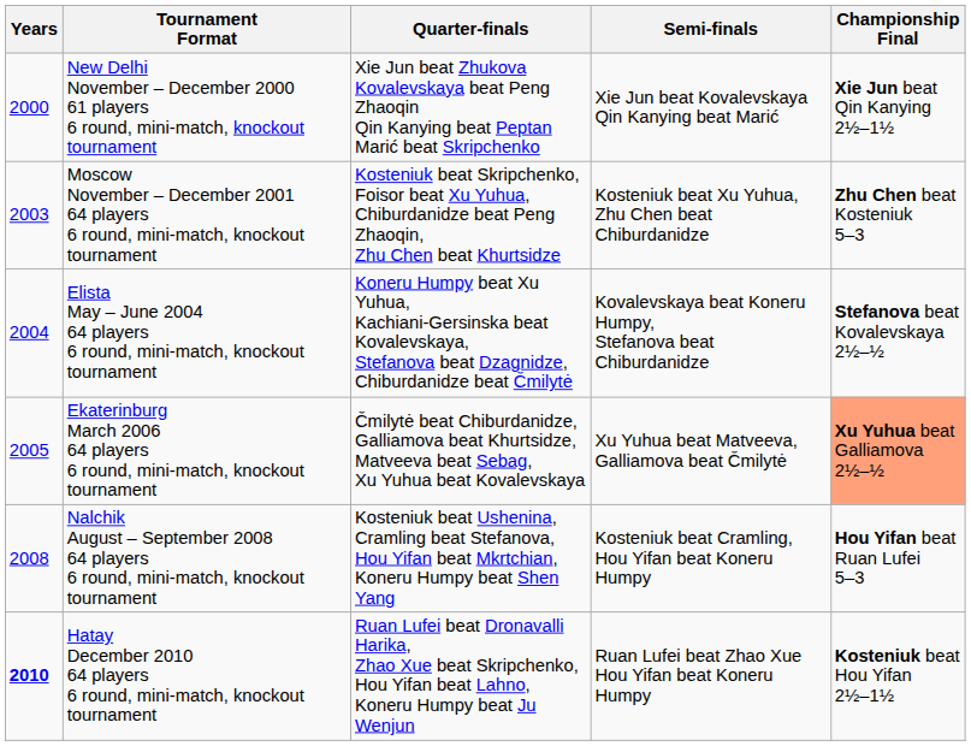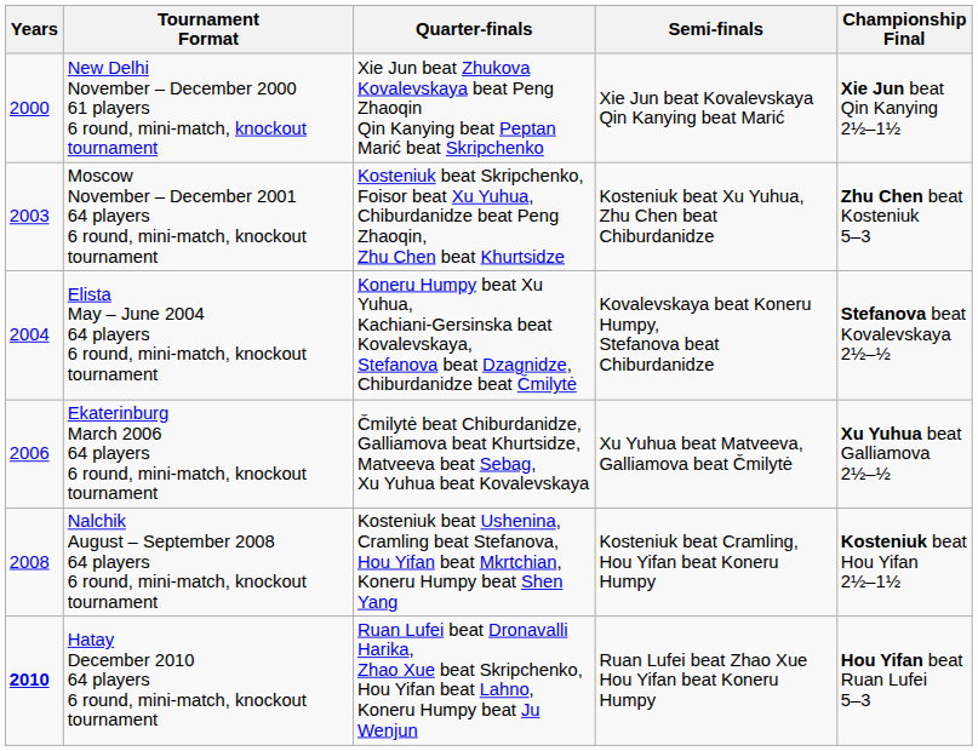 <table class="wikitable">
 <tr>
 <th width=6%>Years</th>
 <th width=30%>Tournament<br>Format</th>
 <th width=25%>Quarter-finals</th>
 <th width=25%>Semi-finals</th>
 <th width=18%>Championship<br>Final</th>
 </tr>
 <tr>
 <td><a href='#'>2000</a></td>
 <td><a href='#'>New Delhi</a><br>November – December 2000<br>61 players<br>6 round, mini-match, <a href='#'>knockout tournament</a></td>
 <td>Xie Jun beat <a href='#'>Zhukova</a><br><a href='#'>Kovalevskaya</a> beat Peng Zhaoqin<br>Qin Kanying beat <a href='#'>Peptan</a><br>Marić beat <a href='#'>Skripchenko</a></td>
 <td>Xie Jun beat Kovalevskaya<br>Qin Kanying beat Marić</td>
 <td><strong>Xie Jun</strong> beat Qin Kanying<br>2½–1½</td>
 </tr>
 <tr>
 <td><a href='#'>2003</a></td>
 <td>Moscow<br>November – December 2001<br>64 players<br>6 round, mini-match, knockout tournament</td>
 <td><a href='#'>Kosteniuk</a> beat Skripchenko,<br>Foisor beat <a href='#'>Xu Yuhua</a>,<br>Chiburdanidze beat Peng Zhaoqin,<br><a href='#'>Zhu Chen</a> beat <a href='#'>Khurtsidze</a></td>
 <td>Kosteniuk beat Xu Yuhua,<br>Zhu Chen beat Chiburdanidze</td>
 <td><strong>Zhu Chen</strong> beat Kosteniuk<br>5–3</td>
 </tr>
 <tr>
 <td><a href='#'>2004</a></td>
 <td><a href='#'>Elista</a><br>May – June 2004<br>64 players<br>6 round, mini-match, knockout tournament</td>
 <td><a href='#'>Koneru Humpy</a> beat Xu Yuhua,<br>Kachiani-Gersinska beat Kovalevskaya,<br><a href='#'>Stefanova</a> beat <a href='#'>Dzagnidze</a>,<br>Chiburdanidze beat <a href='#'>Čmilytė</a></td>
 <td>Kovalevskaya beat Koneru Humpy,<br>Stefanova beat Chiburdanidze</td>
 <td><strong>Stefanova</strong> beat Kovalevskaya<br>2½–½</td>
 </tr>
 <tr>
-<td><a href='#'>2005</a></td>
+<td><a href='#'>2006</a></td>
 <td><a href='#'>Ekaterinburg</a><br>March 2006<br>64 players<br>6 round, mini-match, knockout tournament</td>
 <td>Čmilytė beat Chiburdanidze,<br>Galliamova beat Khurtsidze,<br>Matveeva beat <a href='#'>Sebag</a>,<br>Xu Yuhua beat Kovalevskaya</td>
 <td>Xu Yuhua beat Matveeva,<br>Galliamova beat Čmilytė</td>
-<td style="background: lightsalmon;"><strong>Xu Yuhua</strong> beat Galliamova<br>2½–½</td>
+<td><strong>Xu Yuhua</strong> beat Galliamova<br>2½–½</td>
 </tr>
 <tr>
 <td><a href='#'>2008</a></td>
 <td><a href='#'>Nalchik</a><br>August – September 2008<br>64 players<br>6 round, mini-match, knockout tournament</td>
 <td>Kosteniuk beat <a href='#'>Ushenina</a>,<br>Cramling beat Stefanova,<br><a href='#'>Hou Yifan</a> beat <a href='#'>Mkrtchian</a>,<br>Koneru Humpy beat <a href='#'>Shen Yang</a></td>
 <td>Kosteniuk beat Cramling,<br>Hou Yifan beat Koneru Humpy</td>
-<td><strong>Hou Yifan</strong> beat Ruan Lufei<br>5–3</td>
+<td><strong>Kosteniuk</strong> beat Hou Yifan<br>2½–1½</td>
 </tr>
 <tr>
 <td><strong><a href='#'>2010</a></strong></td>
 <td><a href='#'>Hatay</a><br>December 2010<br>64 players<br>6 round, mini-match, knockout tournament</td>
 <td><a href='#'>Ruan Lufei</a> beat <a href='#'>Dronavalli Harika</a>,<br><a href='#'>Zhao Xue</a> beat Skripchenko,<br>Hou Yifan beat <a href='#'>Lahno</a>,<br>Koneru Humpy beat <a href='#'>Ju Wenjun</a></td>
 <td>Ruan Lufei beat Zhao Xue<br>Hou Yifan beat Koneru Humpy</td>
-<td><strong>Kosteniuk</strong> beat Hou Yifan<br>2½–1½</td>
+<td><strong>Hou Yifan</strong> beat Ruan Lufei<br>5–3</td>
 </tr>
 </table>
